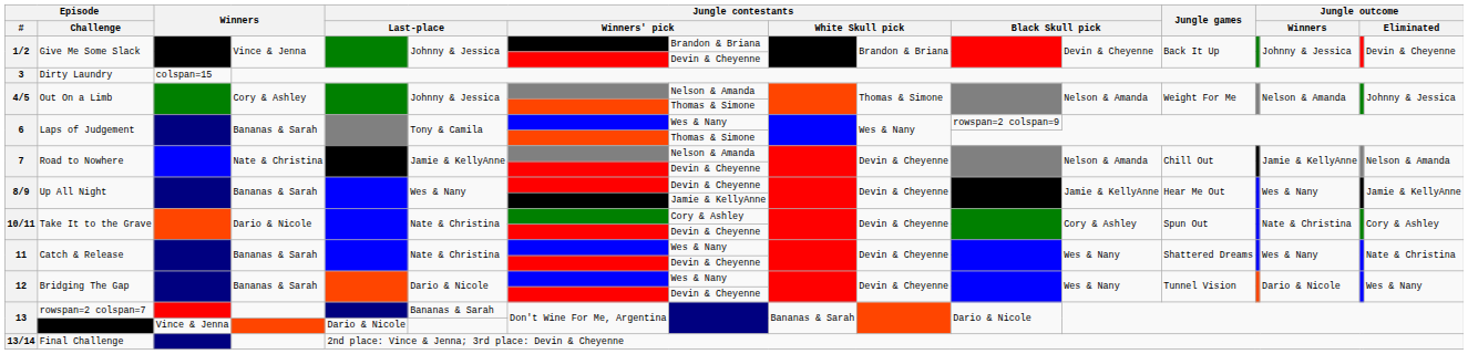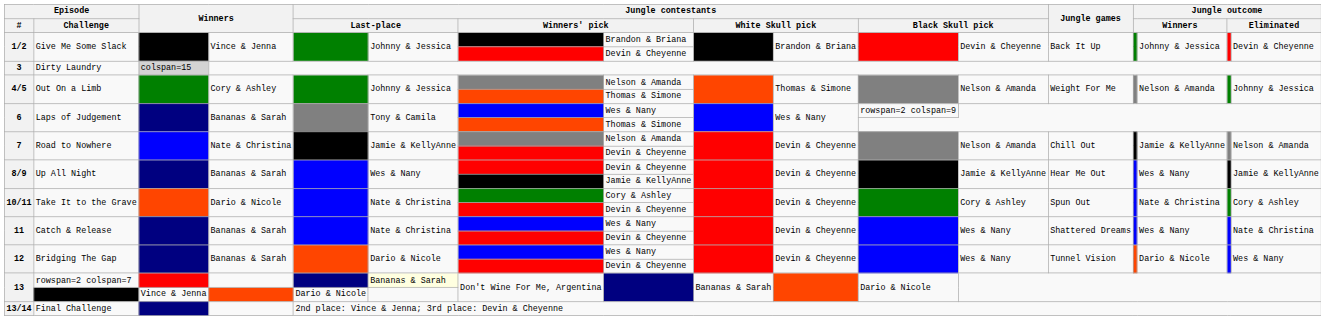 <table class="wikitable" style="font-size:90%; white-space:nowrap">
 <tr>
 <th colspan="2">Episode</th>
 <th colspan="2" rowspan="2">Winners</th>
 <th colspan="8">Jungle contestants</th>
 <th rowspan="2">Jungle games</th>
 <th colspan="4">Jungle outcome</th>
 </tr>
 <tr>
 <th>#</th>
 <th>Challenge</th>
 <th colspan="2">Last-place</th>
 <th colspan="2">Winners' pick</th>
 <th colspan="2" nowrap>White Skull pick</th>
 <th colspan="2">Black Skull pick</th>
 <th colspan="2">Winners</th>
 <th colspan="2">Eliminated</th>
 </tr>
 <tr>
 <th rowspan=2>1/2</th>
 <td nowrap rowspan=2>Give Me Some Slack</td>
 <td rowspan=2 bgcolor="black"></td>
 <td rowspan=2>Vince & Jenna</td>
 <td rowspan=2 bgcolor="green"></td>
 <td rowspan=2>Johnny & Jessica</td>
 <td bgcolor="black"></td>
 <td>Brandon & Briana</td>
 <td rowspan=2 bgcolor="black"></td>
 <td rowspan=2>Brandon & Briana</td>
 <td rowspan=2 bgcolor="red"></td>
 <td rowspan=2>Devin & Cheyenne</td>
 <td rowspan=2>Back It Up</td>
 <td rowspan=2 bgcolor="green"></td>
 <td rowspan=2>Johnny & Jessica</td>
 <td rowspan=2 bgcolor="red"></td>
 <td rowspan=2>Devin & Cheyenne</td>
 </tr>
 <tr>
 <td bgcolor="red"></td>
 <td>Devin & Cheyenne</td>
 </tr>
 <tr>
 <th>3</th>
 <td>Dirty Laundry</td>
-<td>colspan=15 </td>
+<td style="background: lightgrey;">colspan=15 </td>
 </tr>
 <tr>
 <th rowspan=2>4/5</th>
 <td rowspan=2>Out On a Limb</td>
 <td rowspan=2 bgcolor="green"></td>
 <td rowspan=2>Cory & Ashley</td>
 <td rowspan=2 bgcolor="green"></td>
 <td rowspan=2>Johnny & Jessica</td>
 <td bgcolor="grey"></td>
 <td>Nelson & Amanda</td>
 <td rowspan=2 bgcolor="orangered"></td>
 <td rowspan=2>Thomas & Simone</td>
 <td rowspan=2 bgcolor="grey"></td>
 <td rowspan=2>Nelson & Amanda</td>
 <td rowspan=2>Weight For Me</td>
 <td rowspan=2 bgcolor="grey"></td>
 <td rowspan=2>Nelson & Amanda</td>
 <td rowspan=2 bgcolor="green"></td>
 <td rowspan=2>Johnny & Jessica</td>
 </tr>
 <tr>
 <td bgcolor="orangered"></td>
 <td>Thomas & Simone</td>
 </tr>
 <tr>
 <th rowspan=2>6</th>
 <td rowspan=2>Laps of Judgement</td>
 <td rowspan=2 bgcolor="navy"></td>
 <td nowrap rowspan=2>Bananas & Sarah</td>
 <td rowspan=2 bgcolor="grey"></td>
 <td rowspan=2>Tony & Camila</td>
 <td bgcolor="blue"></td>
 <td>Wes & Nany</td>
 <td rowspan=2 bgcolor="blue"></td>
 <td rowspan=2>Wes & Nany</td>
 <td>rowspan=2 colspan=9 </td>
 </tr>
 <tr>
 <td bgcolor="orangered"></td>
 <td>Thomas & Simone</td>
 </tr>
 <tr>
 <th rowspan=2>7</th>
 <td rowspan=2>Road to Nowhere</td>
 <td rowspan=2 bgcolor="blue"></td>
 <td rowspan=2>Nate & Christina</td>
 <td rowspan=2 bgcolor="black"></td>
 <td nowrap rowspan=2>Jamie & KellyAnne</td>
 <td bgcolor="grey"></td>
 <td>Nelson & Amanda</td>
 <td rowspan=2 bgcolor="red"></td>
 <td rowspan=2 nowrap>Devin & Cheyenne</td>
 <td rowspan=2 bgcolor="grey"></td>
 <td rowspan=2>Nelson & Amanda</td>
 <td rowspan=2>Chill Out</td>
 <td rowspan=2 bgcolor="black"></td>
 <td nowrap rowspan=2>Jamie & KellyAnne</td>
 <td rowspan=2 bgcolor="grey"></td>
 <td rowspan=2>Nelson & Amanda</td>
 </tr>
 <tr>
 <td bgcolor="red"></td>
 <td>Devin & Cheyenne</td>
 </tr>
 <tr>
 <th rowspan=2>8/9</th>
 <td rowspan=2>Up All Night</td>
 <td rowspan=2 bgcolor="navy"></td>
 <td rowspan=2>Bananas & Sarah</td>
 <td rowspan=2 bgcolor="blue"></td>
 <td rowspan=2>Wes & Nany</td>
 <td bgcolor="red"></td>
 <td>Devin & Cheyenne</td>
 <td rowspan=2 bgcolor="red"></td>
 <td rowspan=2>Devin & Cheyenne</td>
 <td rowspan=2 bgcolor="black"></td>
 <td nowrap rowspan=2>Jamie & KellyAnne</td>
 <td rowspan=2>Hear Me Out</td>
 <td rowspan=2 bgcolor="blue"></td>
 <td rowspan=2>Wes & Nany</td>
 <td rowspan=2 bgcolor="black"></td>
 <td nowrap rowspan=2>Jamie & KellyAnne</td>
 </tr>
 <tr>
 <td bgcolor="black"></td>
 <td nowrap>Jamie & KellyAnne</td>
 </tr>
 <tr>
 <th rowspan=2>10/11</th>
 <td rowspan=2>Take It to the Grave</td>
 <td rowspan=2 bgcolor="orangered"></td>
 <td rowspan=2>Dario & Nicole</td>
 <td rowspan=2 bgcolor="blue"></td>
 <td rowspan=2>Nate & Christina</td>
 <td bgcolor="green"></td>
 <td>Cory & Ashley</td>
 <td rowspan=2 bgcolor="red"></td>
 <td rowspan=2>Devin & Cheyenne</td>
 <td rowspan=2 bgcolor="green"></td>
 <td rowspan=2>Cory & Ashley</td>
 <td rowspan=2>Spun Out</td>
 <td rowspan=2 bgcolor="blue"></td>
 <td rowspan=2>Nate & Christina</td>
 <td rowspan=2 bgcolor="green"></td>
 <td rowspan=2>Cory & Ashley</td>
 </tr>
 <tr>
 <td bgcolor="red"></td>
 <td>Devin & Cheyenne</td>
 </tr>
 <tr>
 <th rowspan=2>11</th>
 <td rowspan=2>Catch & Release</td>
 <td rowspan=2 bgcolor="navy"></td>
 <td rowspan=2>Bananas & Sarah</td>
 <td rowspan=2 bgcolor="blue"></td>
 <td rowspan=2>Nate & Christina</td>
 <td bgcolor="blue"></td>
 <td>Wes & Nany</td>
 <td rowspan=2 bgcolor="red"></td>
 <td rowspan=2>Devin & Cheyenne</td>
 <td rowspan=2 bgcolor="blue"></td>
 <td rowspan=2>Wes & Nany</td>
 <td nowrap rowspan=2>Shattered Dreams</td>
 <td rowspan=2 bgcolor="blue"></td>
 <td rowspan=2>Wes & Nany</td>
 <td rowspan=2 bgcolor="blue"></td>
 <td rowspan=2>Nate & Christina</td>
 </tr>
 <tr>
 <td bgcolor="red"></td>
 <td nowrap>Devin & Cheyenne</td>
 </tr>
 <tr>
 <th rowspan=2>12</th>
 <td rowspan=2>Bridging The Gap</td>
 <td rowspan=2 bgcolor="navy"></td>
 <td rowspan=2>Bananas & Sarah</td>
 <td rowspan=2 bgcolor="orangered"></td>
 <td rowspan=2>Dario & Nicole</td>
 <td bgcolor="blue"></td>
 <td>Wes & Nany</td>
 <td rowspan=2 bgcolor="red"></td>
 <td rowspan=2>Devin & Cheyenne</td>
 <td rowspan=2 bgcolor="blue"></td>
 <td rowspan=2>Wes & Nany</td>
 <td rowspan=2>Tunnel Vision</td>
 <td rowspan=2 bgcolor="orangered"></td>
 <td rowspan=2>Dario & Nicole</td>
 <td rowspan=2 bgcolor="blue"></td>
 <td rowspan=2>Wes & Nany</td>
 </tr>
 <tr>
 <td bgcolor="red"></td>
 <td>Devin & Cheyenne</td>
 </tr>
 <tr>
 <th rowspan=2>13</th>
 <td>rowspan=2 colspan=7 </td>
 <td bgcolor="red"></td>
 <td></td>
 <td bgcolor="navy"></td>
-<td>Bananas & Sarah</td>
+<td style="background: lightyellow;">Bananas & Sarah</td>
 <td rowspan=2 nowrap>Don't Wine For Me, Argentina</td>
 <td rowspan=2 bgcolor="navy"></td>
 <td rowspan=2>Bananas & Sarah</td>
 <td rowspan=2 bgcolor="orangered"></td>
 <td rowspan=2>Dario & Nicole</td>
 </tr>
 <tr>
 <td bgcolor="black"></td>
 <td>Vince & Jenna</td>
 <td bgcolor="orangered"></td>
 <td>Dario & Nicole</td>
 </tr>
 <tr>
 <th>13/14</th>
 <td>Final Challenge</td>
 <td bgcolor="navy"></td>
 <td></td>
 <td colspan=13>2nd place: Vince & Jenna; 3rd place: Devin & Cheyenne</td>
 </tr>
 </table>
